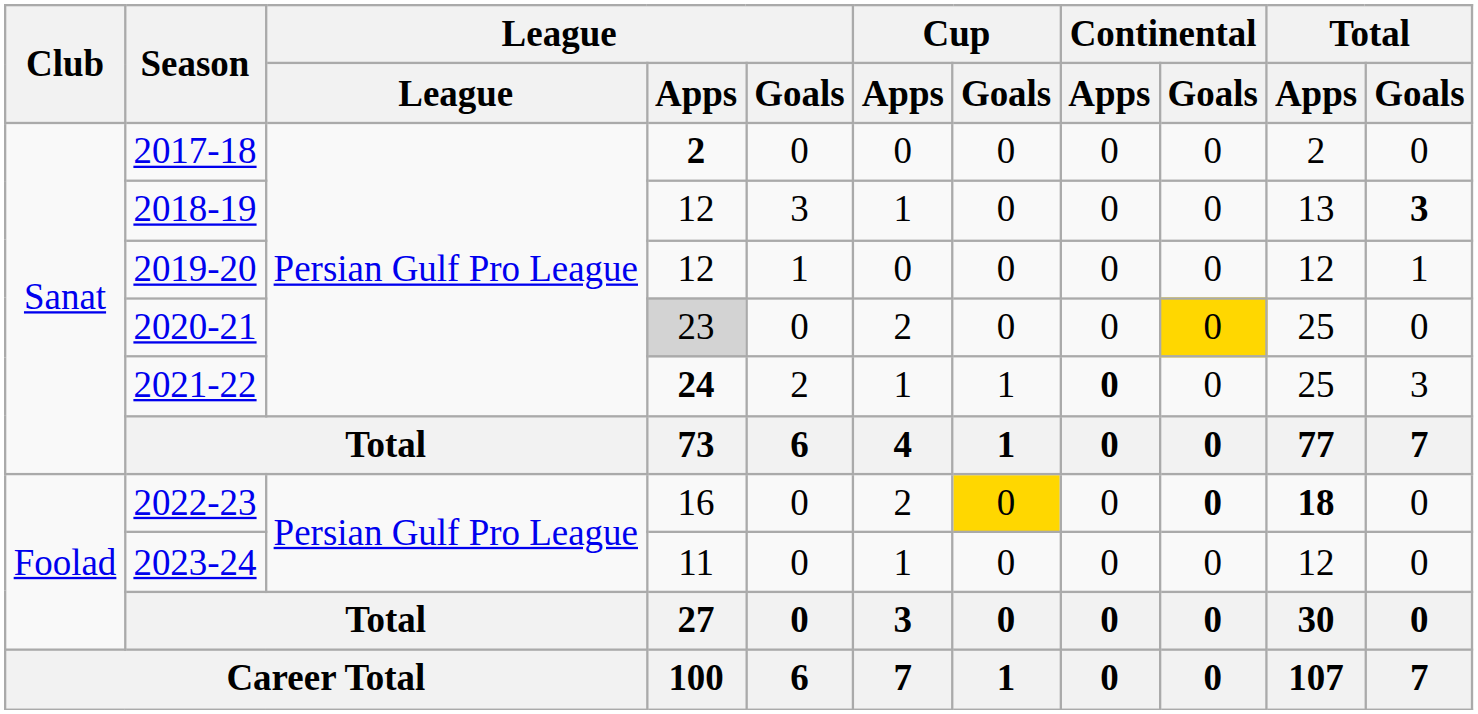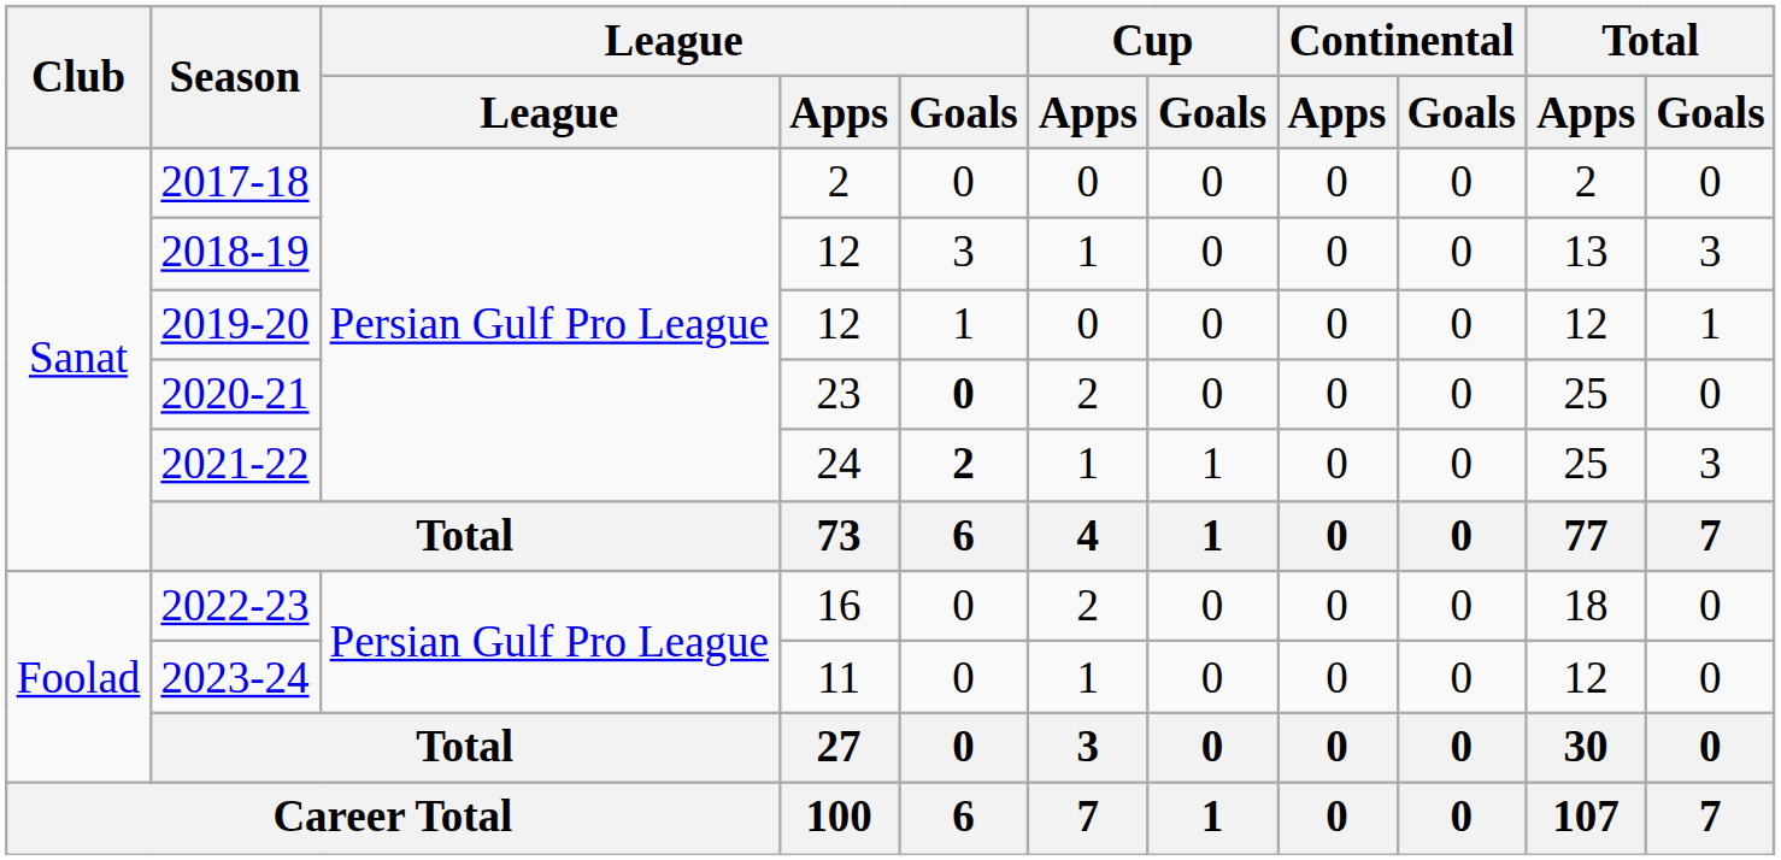 <table class="wikitable"style="text-align:center;">
 <tr>
 <th rowspan=2>Club</th>
 <th rowspan=2>Season</th>
 <th colspan=3>League</th>
 <th colspan=2>Cup</th>
 <th colspan=2>Continental</th>
 <th colspan=2>Total</th>
 </tr>
 <tr>
 <th>League</th>
 <th>Apps</th>
 <th>Goals</th>
 <th>Apps</th>
 <th>Goals</th>
 <th>Apps</th>
 <th>Goals</th>
 <th>Apps</th>
 <th>Goals</th>
 </tr>
 <tr>
 <td rowspan="6"><a href='#'>Sanat</a></td>
 <td><a href='#'>2017-18</a></td>
 <td rowspan="5"><a href='#'>Persian Gulf Pro League</a></td>
-<td><strong>2</strong></td>
+<td>2</td>
 <td>0</td>
 <td>0</td>
 <td>0</td>
 <td>0</td>
 <td>0</td>
 <td>2</td>
 <td>0</td>
 </tr>
 <tr>
 <td><a href='#'>2018-19</a></td>
 <td>12</td>
 <td>3</td>
 <td>1</td>
 <td>0</td>
 <td>0</td>
 <td>0</td>
 <td>13</td>
-<td><strong>3</strong></td>
+<td>3</td>
 </tr>
 <tr>
 <td><a href='#'>2019-20</a></td>
 <td>12</td>
 <td>1</td>
 <td>0</td>
 <td>0</td>
 <td>0</td>
 <td>0</td>
 <td>12</td>
 <td>1</td>
 </tr>
 <tr>
 <td><a href='#'>2020-21</a></td>
-<td style="background: lightgrey;">23</td>
-<td>0</td>
+<td>23</td>
+<td><strong>0</strong></td>
 <td>2</td>
 <td>0</td>
 <td>0</td>
-<td style="background: gold;">0</td>
+<td>0</td>
 <td>25</td>
 <td>0</td>
 </tr>
 <tr>
 <td><a href='#'>2021-22</a></td>
-<td><strong>24</strong></td>
-<td>2</td>
+<td>24</td>
+<td><strong>2</strong></td>
 <td>1</td>
 <td>1</td>
-<td><strong>0</strong></td>
+<td>0</td>
 <td>0</td>
 <td>25</td>
 <td>3</td>
 </tr>
 <tr>
 <th colspan=2>Total</th>
 <th>73</th>
 <th>6</th>
 <th>4</th>
 <th>1</th>
 <th>0</th>
 <th>0</th>
 <th>77</th>
 <th>7</th>
 </tr>
 <tr>
 <td rowspan="3"><a href='#'>Foolad</a></td>
 <td><a href='#'>2022-23</a></td>
 <td rowspan="2"><a href='#'>Persian Gulf Pro League</a></td>
 <td>16</td>
 <td>0</td>
 <td>2</td>
-<td style="background: gold;">0</td>
 <td>0</td>
-<td><strong>0</strong></td>
-<td><strong>18</strong></td>
+<td>0</td>
+<td>0</td>
+<td>18</td>
 <td>0</td>
 </tr>
 <tr>
 <td><a href='#'>2023-24</a></td>
 <td>11</td>
 <td>0</td>
 <td>1</td>
 <td>0</td>
 <td>0</td>
 <td>0</td>
 <td>12</td>
 <td>0</td>
 </tr>
 <tr>
 <th colspan=2>Total</th>
 <th>27</th>
 <th>0</th>
 <th>3</th>
 <th>0</th>
 <th>0</th>
 <th>0</th>
 <th>30</th>
 <th>0</th>
 </tr>
 <tr>
 <th colspan=3>Career Total</th>
 <th>100</th>
 <th>6</th>
 <th>7</th>
 <th>1</th>
 <th>0</th>
 <th>0</th>
 <th>107</th>
 <th>7</th>
 </tr>
 </table>
